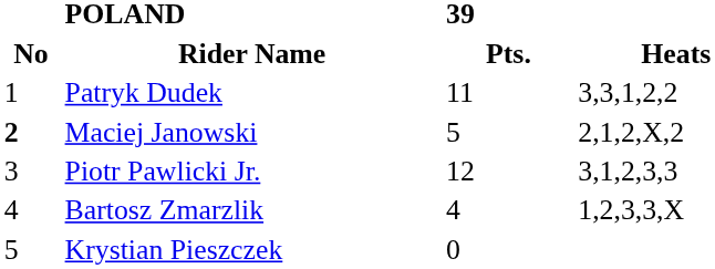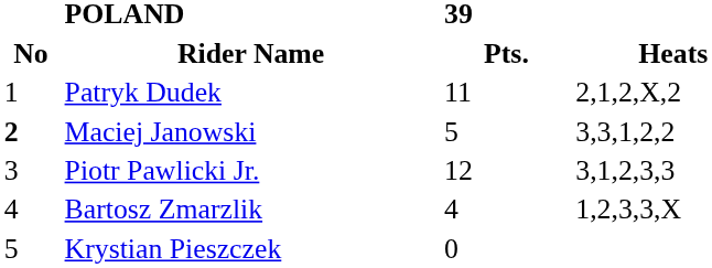 <table class="toccolours">
 <tr>
 <td></td>
 <td><strong>POLAND</strong></td>
 <td><strong>39</strong></td>
 </tr>
 <tr style="background-color:">
 <th width=30px>No</th>
 <th width=210px>Rider Name</th>
 <th width=70px>Pts.</th>
 <th width=110px>Heats</th>
 </tr>
 <tr style="background-color:">
 <td>1</td>
 <td><a href='#'>Patryk Dudek</a></td>
 <td>11</td>
-<td>3,3,1,2,2</td>
+<td>2,1,2,X,2</td>
 </tr>
 <tr style="background-color:">
 <td><strong>2</strong></td>
 <td><a href='#'>Maciej Janowski</a></td>
 <td>5</td>
-<td>2,1,2,X,2</td>
+<td>3,3,1,2,2</td>
 </tr>
 <tr style="background-color:">
 <td>3</td>
 <td><a href='#'>Piotr Pawlicki Jr.</a></td>
 <td>12</td>
 <td>3,1,2,3,3</td>
 </tr>
 <tr style="background-color:">
 <td>4</td>
 <td><a href='#'>Bartosz Zmarzlik</a></td>
 <td>4</td>
 <td>1,2,3,3,X</td>
 </tr>
 <tr style="background-color:">
 <td>5</td>
 <td><a href='#'>Krystian Pieszczek</a></td>
 <td>0</td>
 <td></td>
 </tr>
 </table>
